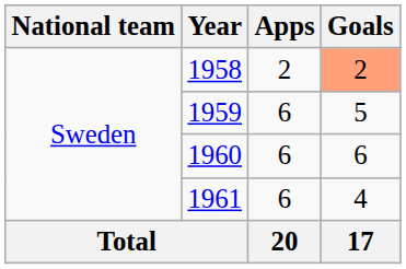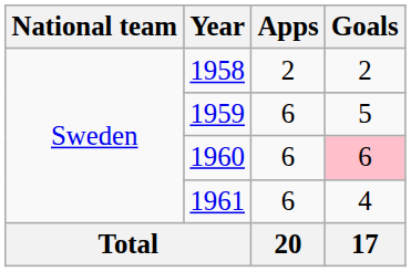 <table class="wikitable" style="text-align: center">
 <tr>
 <th>National team</th>
 <th>Year</th>
 <th>Apps</th>
 <th>Goals</th>
 </tr>
 <tr>
 <td rowspan="4"><a href='#'>Sweden</a></td>
 <td><a href='#'>1958</a></td>
 <td>2</td>
-<td style="background: lightsalmon;">2</td>
+<td>2</td>
 </tr>
 <tr>
 <td><a href='#'>1959</a></td>
 <td>6</td>
 <td>5</td>
 </tr>
 <tr>
 <td><a href='#'>1960</a></td>
 <td>6</td>
-<td>6</td>
+<td style="background: pink;">6</td>
 </tr>
 <tr>
 <td><a href='#'>1961</a></td>
 <td>6</td>
 <td>4</td>
 </tr>
 <tr>
 <th colspan="2">Total</th>
 <th>20</th>
 <th>17</th>
 </tr>
 </table>
